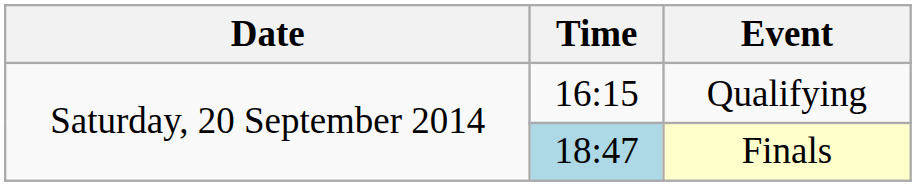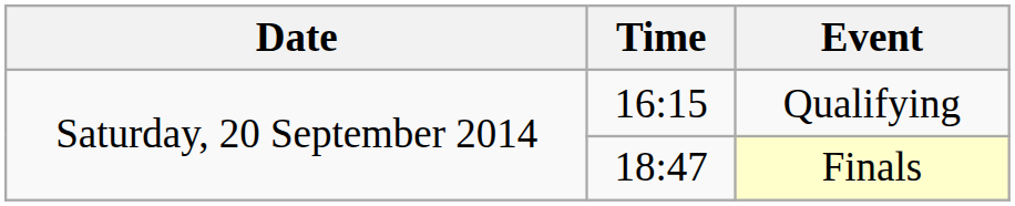 <table class = "wikitable" style="text-align:center;">
 <tr>
 <th width=220>Date</th>
 <th width=50>Time</th>
 <th width=100>Event</th>
 </tr>
 <tr>
 <td rowspan=2>Saturday, 20 September 2014</td>
 <td>16:15</td>
 <td>Qualifying</td>
 </tr>
 <tr>
-<td style="background: lightblue;">18:47</td>
+<td>18:47</td>
 <td bgcolor=ffffcc>Finals</td>
 </tr>
 </table>
